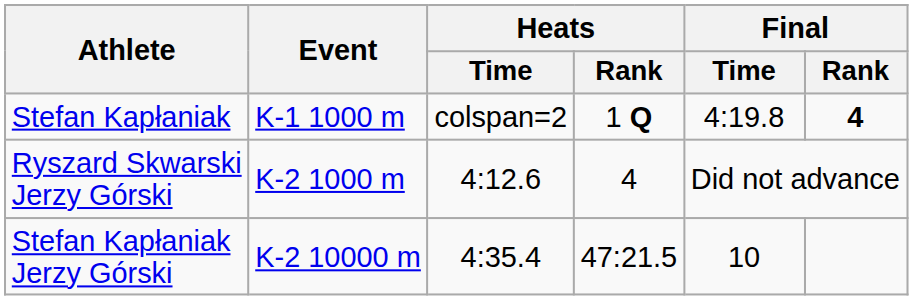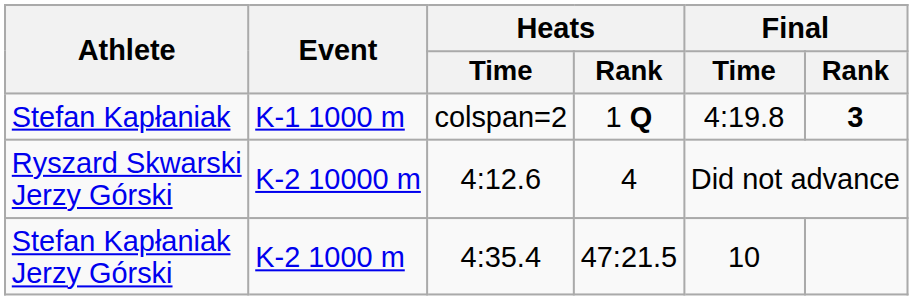 <table class="wikitable" style="font-size:90%">
 <tr>
 <th rowspan=2>Athlete</th>
 <th rowspan=2>Event</th>
 <th colspan=2>Heats</th>
 <th colspan=2>Final</th>
 </tr>
 <tr style="font-size:95%">
 <th>Time</th>
 <th>Rank</th>
 <th>Time</th>
 <th>Rank</th>
 </tr>
 <tr align=center>
 <td align=left><a href='#'>Stefan Kapłaniak</a></td>
 <td align=left><a href='#'>K-1 1000 m</a></td>
 <td>colspan=2 </td>
 <td>1 <strong>Q</strong></td>
 <td>4:19.8</td>
-<td><strong>4</strong></td>
+<td><strong>3</strong></td>
 </tr>
 <tr align=center>
 <td align=left><a href='#'>Ryszard Skwarski</a><br><a href='#'>Jerzy Górski</a></td>
-<td align=left><a href='#'>K-2 1000 m</a></td>
+<td align=left><a href='#'>K-2 10000 m</a></td>
 <td>4:12.6</td>
 <td>4</td>
 <td colspan=2>Did not advance</td>
 </tr>
 <tr align=center>
 <td align=left><a href='#'>Stefan Kapłaniak</a><br><a href='#'>Jerzy Górski</a></td>
-<td align=left><a href='#'>K-2 10000 m</a></td>
+<td align=left><a href='#'>K-2 1000 m</a></td>
 <td>4:35.4</td>
 <td>47:21.5</td>
 <td>10</td>
 </tr>
 </table>
